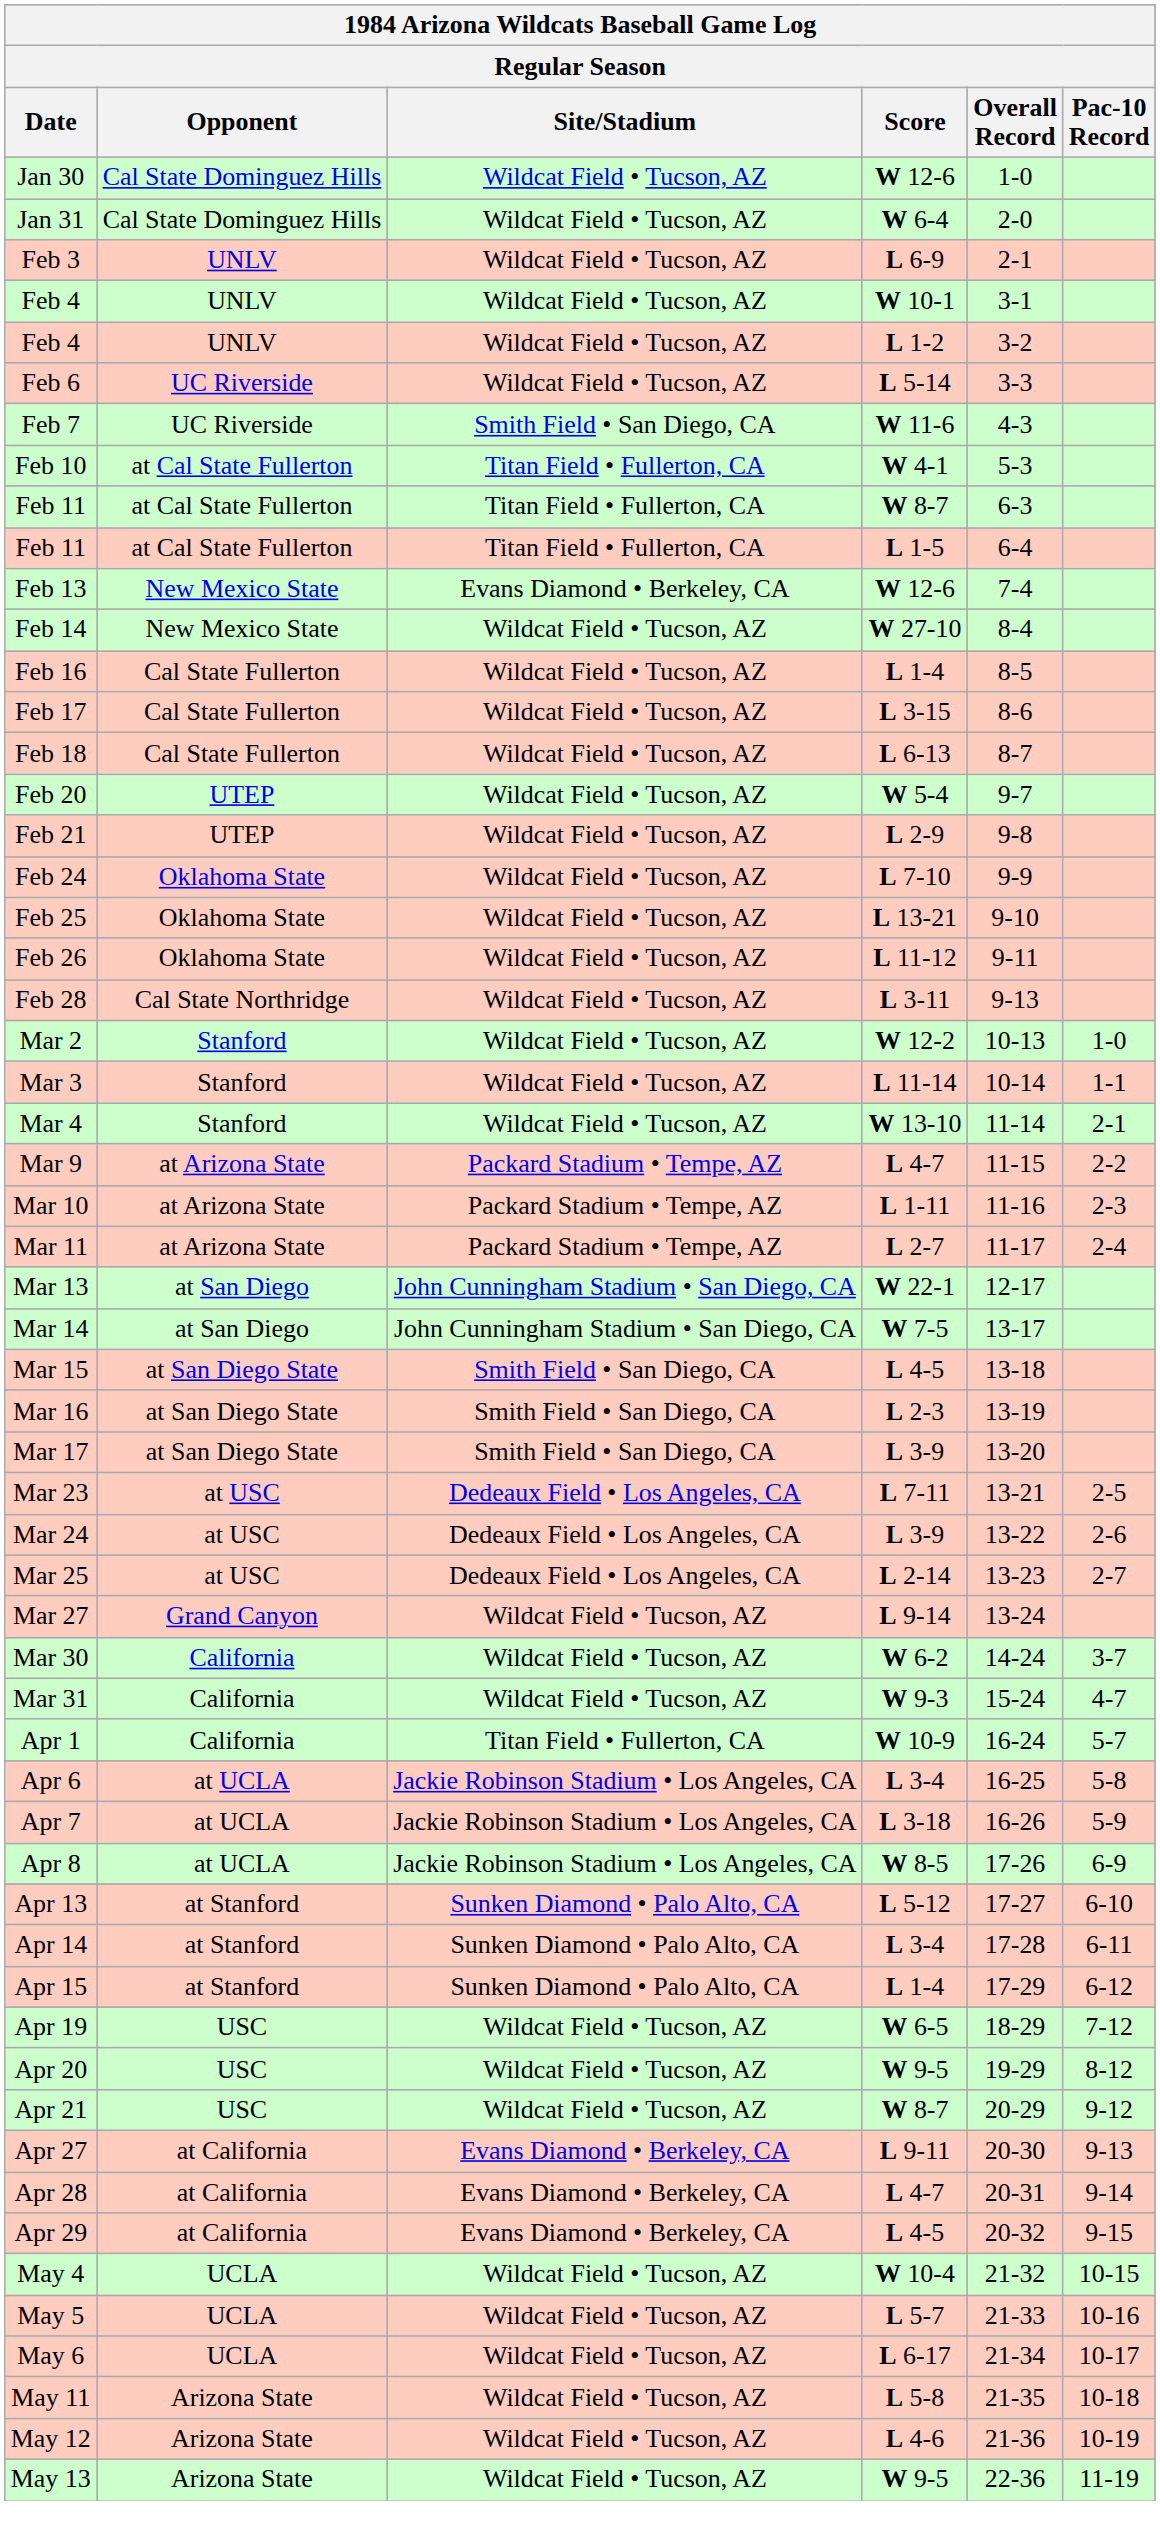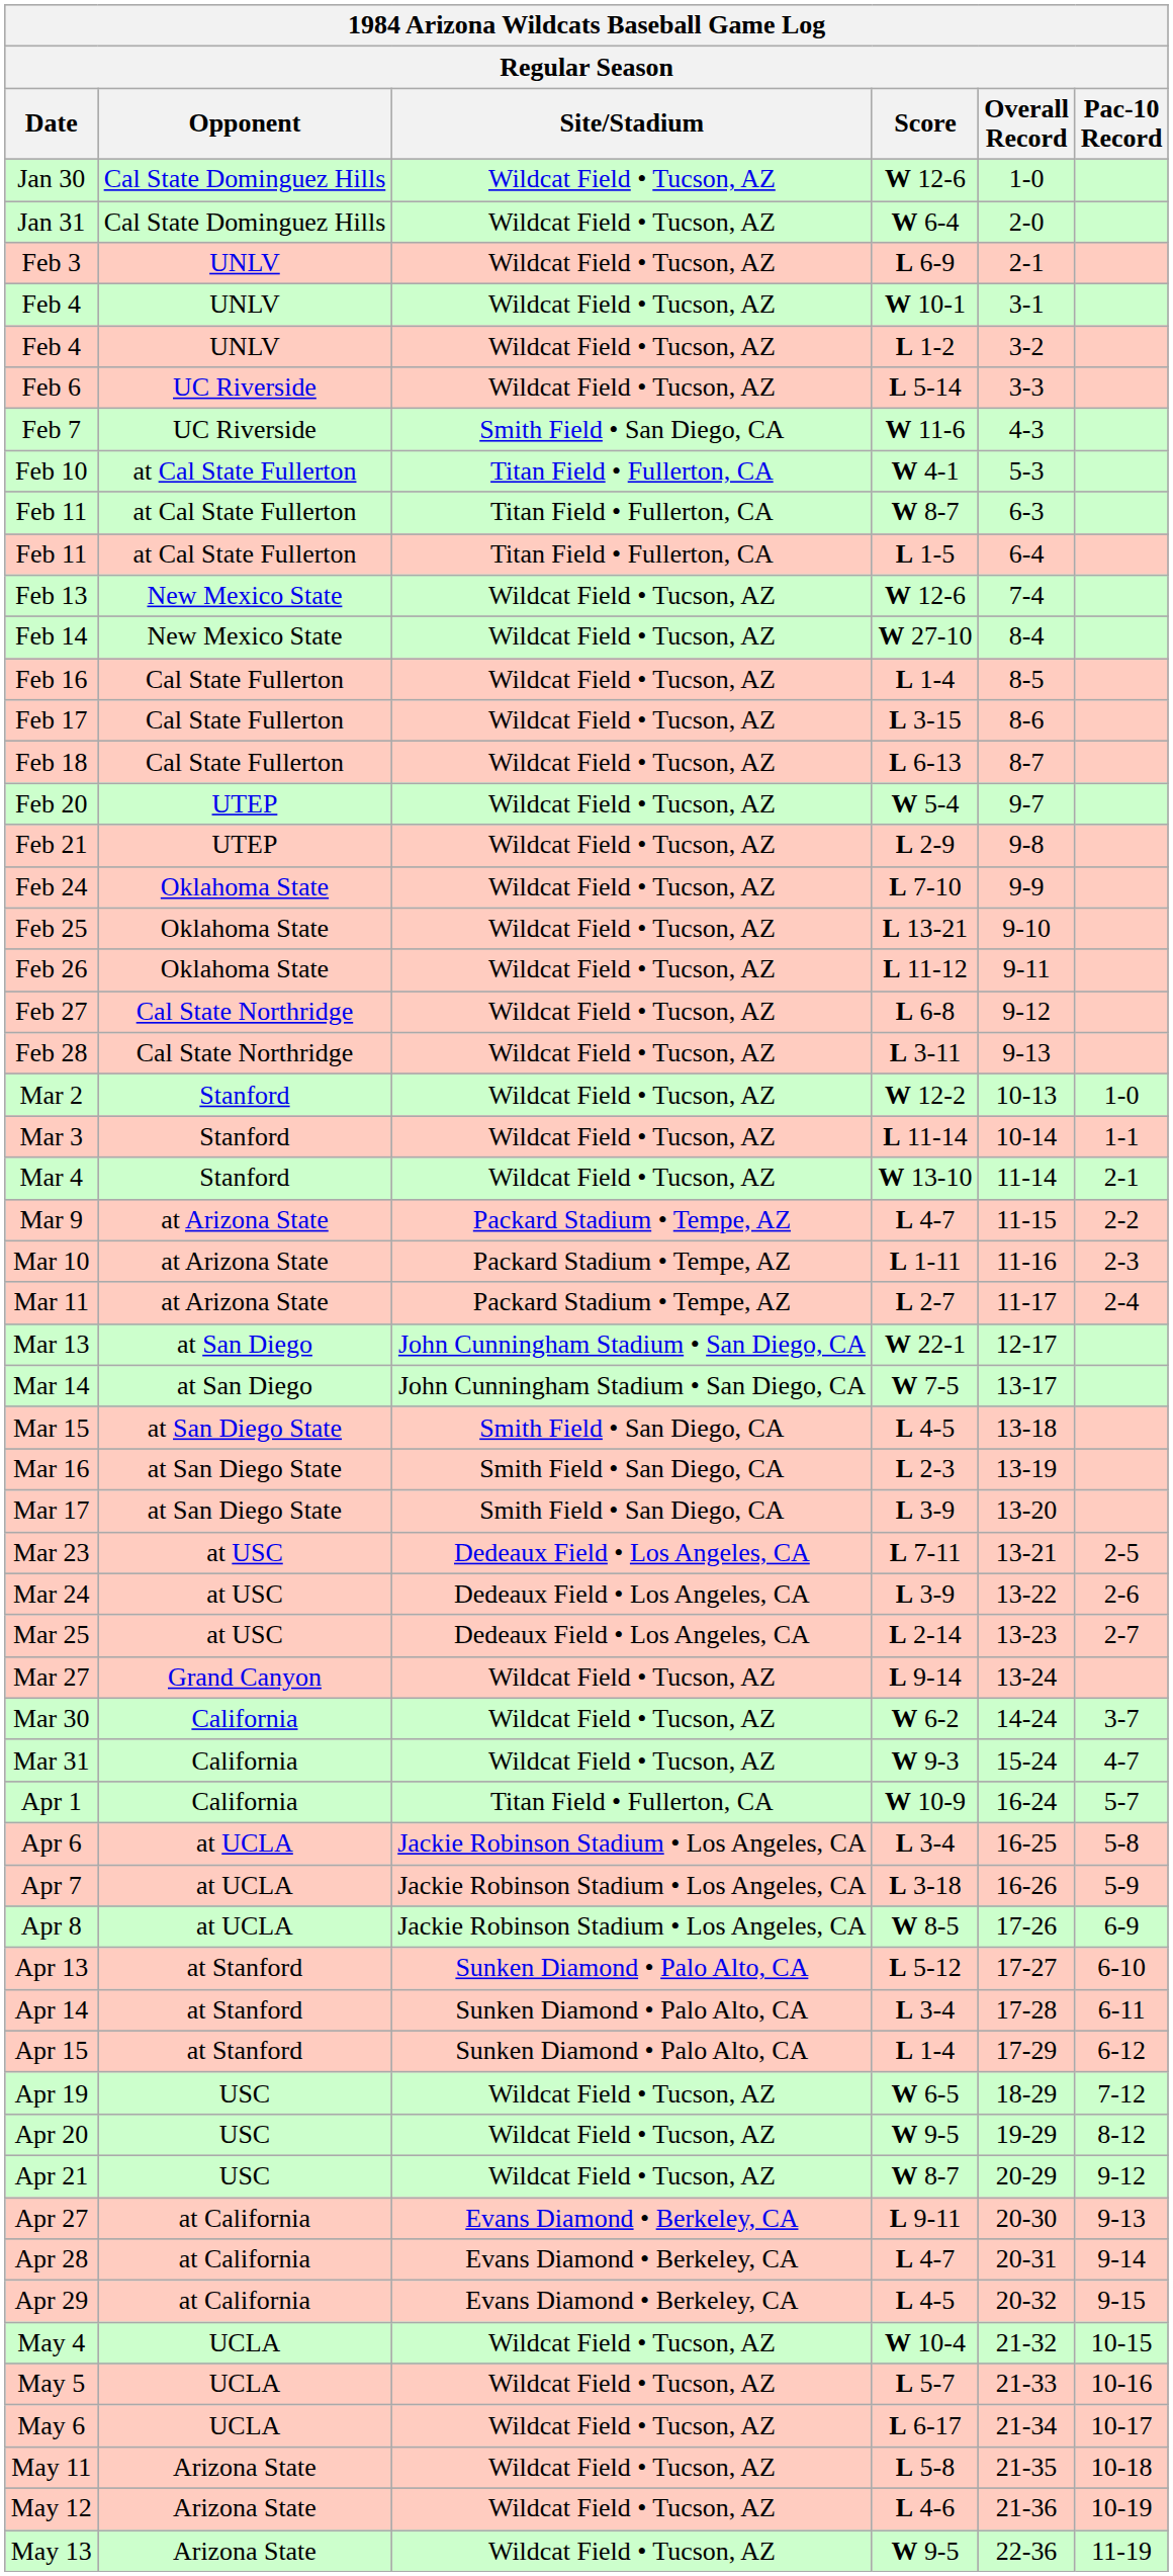 <table class="wikitable">
 <tr>
 <th colspan="6">1984 Arizona Wildcats Baseball Game Log</th>
 </tr>
 <tr>
 <th colspan="6">Regular Season</th>
 </tr>
 <tr>
 <th>Date</th>
 <th>Opponent</th>
 <th>Site/Stadium</th>
 <th>Score</th>
 <th>Overall<br>Record</th>
 <th>Pac-10<br>Record</th>
 </tr>
 <tr bgcolor="ccffcc" align="center">
 <td>Jan 30</td>
 <td><a href='#'>Cal State Dominguez Hills</a></td>
 <td><a href='#'>Wildcat Field</a> • <a href='#'>Tucson, AZ</a></td>
 <td><strong>W</strong> 12-6</td>
 <td>1-0</td>
 <td></td>
 </tr>
 <tr bgcolor="ccffcc" align="center">
 <td>Jan 31</td>
 <td>Cal State Dominguez Hills</td>
 <td>Wildcat Field • Tucson, AZ</td>
 <td><strong>W</strong> 6-4</td>
 <td>2-0</td>
 <td></td>
 </tr>
 <tr bgcolor="ffccc" align="center">
 <td>Feb 3</td>
 <td><a href='#'>UNLV</a></td>
 <td>Wildcat Field • Tucson, AZ</td>
 <td><strong>L</strong> 6-9</td>
 <td>2-1</td>
 <td></td>
 </tr>
 <tr bgcolor="ccffcc" align="center">
 <td>Feb 4</td>
 <td>UNLV</td>
 <td>Wildcat Field • Tucson, AZ</td>
 <td><strong>W</strong> 10-1</td>
 <td>3-1</td>
 <td></td>
 </tr>
 <tr bgcolor="ffccc" align="center">
 <td>Feb 4</td>
 <td>UNLV</td>
 <td>Wildcat Field • Tucson, AZ</td>
 <td><strong>L</strong> 1-2</td>
 <td>3-2</td>
 <td></td>
 </tr>
 <tr bgcolor="ffccc" align="center">
 <td>Feb 6</td>
 <td><a href='#'>UC Riverside</a></td>
 <td>Wildcat Field • Tucson, AZ</td>
 <td><strong>L</strong> 5-14</td>
 <td>3-3</td>
 <td></td>
 </tr>
 <tr bgcolor="ccffcc" align="center">
 <td>Feb 7</td>
 <td>UC Riverside</td>
 <td><a href='#'>Smith Field</a> • San Diego, CA</td>
 <td><strong>W</strong> 11-6</td>
 <td>4-3</td>
 <td></td>
 </tr>
 <tr bgcolor="ccffcc" align="center">
 <td>Feb 10</td>
 <td>at <a href='#'>Cal State Fullerton</a></td>
 <td><a href='#'>Titan Field</a> • <a href='#'>Fullerton, CA</a></td>
 <td><strong>W</strong> 4-1</td>
 <td>5-3</td>
 <td></td>
 </tr>
 <tr bgcolor="ccffcc" align="center">
 <td>Feb 11</td>
 <td>at Cal State Fullerton</td>
 <td>Titan Field • Fullerton, CA</td>
 <td><strong>W</strong> 8-7</td>
 <td>6-3</td>
 <td></td>
 </tr>
 <tr bgcolor="ffccc" align="center">
 <td>Feb 11</td>
 <td>at Cal State Fullerton</td>
 <td>Titan Field • Fullerton, CA</td>
 <td><strong>L</strong> 1-5</td>
 <td>6-4</td>
 <td></td>
 </tr>
 <tr bgcolor="ccffcc" align="center">
 <td>Feb 13</td>
 <td><a href='#'>New Mexico State</a></td>
-<td>Evans Diamond • Berkeley, CA</td>
+<td>Wildcat Field • Tucson, AZ</td>
 <td><strong>W</strong> 12-6</td>
 <td>7-4</td>
 <td></td>
 </tr>
 <tr bgcolor="ccffcc" align="center">
 <td>Feb 14</td>
 <td>New Mexico State</td>
 <td>Wildcat Field • Tucson, AZ</td>
 <td><strong>W</strong> 27-10</td>
 <td>8-4</td>
 <td></td>
 </tr>
 <tr bgcolor="ffccc" align="center">
 <td>Feb 16</td>
 <td>Cal State Fullerton</td>
 <td>Wildcat Field • Tucson, AZ</td>
 <td><strong>L</strong> 1-4</td>
 <td>8-5</td>
 <td></td>
 </tr>
 <tr bgcolor="ffccc" align="center">
 <td>Feb 17</td>
 <td>Cal State Fullerton</td>
 <td>Wildcat Field • Tucson, AZ</td>
 <td><strong>L</strong> 3-15</td>
 <td>8-6</td>
 <td></td>
 </tr>
 <tr bgcolor="ffccc" align="center">
 <td>Feb 18</td>
 <td>Cal State Fullerton</td>
 <td>Wildcat Field • Tucson, AZ</td>
 <td><strong>L</strong> 6-13</td>
 <td>8-7</td>
 <td></td>
 </tr>
 <tr bgcolor="ccffcc" align="center">
 <td>Feb 20</td>
 <td><a href='#'>UTEP</a></td>
 <td>Wildcat Field • Tucson, AZ</td>
 <td><strong>W</strong> 5-4</td>
 <td>9-7</td>
 <td></td>
 </tr>
 <tr bgcolor="ffccc" align="center">
 <td>Feb 21</td>
 <td>UTEP</td>
 <td>Wildcat Field • Tucson, AZ</td>
 <td><strong>L</strong> 2-9</td>
 <td>9-8</td>
 <td></td>
 </tr>
 <tr bgcolor="ffccc" align="center">
 <td>Feb 24</td>
 <td><a href='#'>Oklahoma State</a></td>
 <td>Wildcat Field • Tucson, AZ</td>
 <td><strong>L</strong> 7-10</td>
 <td>9-9</td>
 <td></td>
 </tr>
 <tr bgcolor="ffccc" align="center">
 <td>Feb 25</td>
 <td>Oklahoma State</td>
 <td>Wildcat Field • Tucson, AZ</td>
 <td><strong>L</strong> 13-21</td>
 <td>9-10</td>
 <td></td>
 </tr>
 <tr bgcolor="ffccc" align="center">
 <td>Feb 26</td>
 <td>Oklahoma State</td>
 <td>Wildcat Field • Tucson, AZ</td>
 <td><strong>L</strong> 11-12</td>
 <td>9-11</td>
+<td></td>
+</tr>
+<tr bgcolor="ffccc" align="center">
+<td>Feb 27</td>
+<td><a href='#'>Cal State Northridge</a></td>
+<td>Wildcat Field • Tucson, AZ</td>
+<td><strong>L</strong> 6-8</td>
+<td>9-12</td>
 <td></td>
 </tr>
 <tr bgcolor="ffccc" align="center">
 <td>Feb 28</td>
 <td>Cal State Northridge</td>
 <td>Wildcat Field • Tucson, AZ</td>
 <td><strong>L</strong> 3-11</td>
 <td>9-13</td>
 <td></td>
 </tr>
 <tr bgcolor="ccffcc" align="center">
 <td>Mar 2</td>
 <td><a href='#'>Stanford</a></td>
 <td>Wildcat Field • Tucson, AZ</td>
 <td><strong>W</strong> 12-2</td>
 <td>10-13</td>
 <td>1-0</td>
 </tr>
 <tr bgcolor="ffccc" align="center">
 <td>Mar 3</td>
 <td>Stanford</td>
 <td>Wildcat Field • Tucson, AZ</td>
 <td><strong>L</strong> 11-14</td>
 <td>10-14</td>
 <td>1-1</td>
 </tr>
 <tr bgcolor="ccffcc" align="center">
 <td>Mar 4</td>
 <td>Stanford</td>
 <td>Wildcat Field • Tucson, AZ</td>
 <td><strong>W</strong> 13-10</td>
 <td>11-14</td>
 <td>2-1</td>
 </tr>
 <tr bgcolor="ffccc" align="center">
 <td>Mar 9</td>
 <td>at <a href='#'>Arizona State</a></td>
 <td><a href='#'>Packard Stadium</a> • <a href='#'>Tempe, AZ</a></td>
 <td><strong>L</strong> 4-7</td>
 <td>11-15</td>
 <td>2-2</td>
 </tr>
 <tr bgcolor="ffccc" align="center">
 <td>Mar 10</td>
 <td>at Arizona State</td>
 <td>Packard Stadium • Tempe, AZ</td>
 <td><strong>L</strong> 1-11</td>
 <td>11-16</td>
 <td>2-3</td>
 </tr>
 <tr bgcolor="ffccc" align="center">
 <td>Mar 11</td>
 <td>at Arizona State</td>
 <td>Packard Stadium • Tempe, AZ</td>
 <td><strong>L</strong> 2-7</td>
 <td>11-17</td>
 <td>2-4</td>
 </tr>
 <tr bgcolor="ccffcc" align="center">
 <td>Mar 13</td>
 <td>at <a href='#'>San Diego</a></td>
 <td><a href='#'>John Cunningham Stadium</a> • <a href='#'>San Diego, CA</a></td>
 <td><strong>W</strong> 22-1</td>
 <td>12-17</td>
 <td></td>
 </tr>
 <tr bgcolor="ccffcc" align="center">
 <td>Mar 14</td>
 <td>at San Diego</td>
 <td>John Cunningham Stadium • San Diego, CA</td>
 <td><strong>W</strong> 7-5</td>
 <td>13-17</td>
 <td></td>
 </tr>
 <tr bgcolor="ffccc" align="center">
 <td>Mar 15</td>
 <td>at <a href='#'>San Diego State</a></td>
 <td><a href='#'>Smith Field</a> • San Diego, CA</td>
 <td><strong>L</strong> 4-5</td>
 <td>13-18</td>
 <td></td>
 </tr>
 <tr bgcolor="ffccc" align="center">
 <td>Mar 16</td>
 <td>at San Diego State</td>
 <td>Smith Field • San Diego, CA</td>
 <td><strong>L</strong> 2-3</td>
 <td>13-19</td>
 <td></td>
 </tr>
 <tr bgcolor="ffccc" align="center">
 <td>Mar 17</td>
 <td>at San Diego State</td>
 <td>Smith Field • San Diego, CA</td>
 <td><strong>L</strong> 3-9</td>
 <td>13-20</td>
 <td></td>
 </tr>
 <tr bgcolor="ffccc" align="center">
 <td>Mar 23</td>
 <td>at <a href='#'>USC</a></td>
 <td><a href='#'>Dedeaux Field</a> • <a href='#'>Los Angeles, CA</a></td>
 <td><strong>L</strong> 7-11</td>
 <td>13-21</td>
 <td>2-5</td>
 </tr>
 <tr bgcolor="ffccc" align="center">
 <td>Mar 24</td>
 <td>at USC</td>
 <td>Dedeaux Field • Los Angeles, CA</td>
 <td><strong>L</strong> 3-9</td>
 <td>13-22</td>
 <td>2-6</td>
 </tr>
 <tr bgcolor="ffccc" align="center">
 <td>Mar 25</td>
 <td>at USC</td>
 <td>Dedeaux Field • Los Angeles, CA</td>
 <td><strong>L</strong> 2-14</td>
 <td>13-23</td>
 <td>2-7</td>
 </tr>
 <tr bgcolor="ffccc" align="center">
 <td>Mar 27</td>
 <td><a href='#'>Grand Canyon</a></td>
 <td>Wildcat Field • Tucson, AZ</td>
 <td><strong>L</strong> 9-14</td>
 <td>13-24</td>
 <td></td>
 </tr>
 <tr bgcolor="ccffcc" align="center">
 <td>Mar 30</td>
 <td><a href='#'>California</a></td>
 <td>Wildcat Field • Tucson, AZ</td>
 <td><strong>W</strong> 6-2</td>
 <td>14-24</td>
 <td>3-7</td>
 </tr>
 <tr bgcolor="ccffcc" align="center">
 <td>Mar 31</td>
 <td>California</td>
 <td>Wildcat Field • Tucson, AZ</td>
 <td><strong>W</strong> 9-3</td>
 <td>15-24</td>
 <td>4-7</td>
 </tr>
 <tr bgcolor="ccffcc" align="center">
 <td>Apr 1</td>
 <td>California</td>
 <td>Titan Field • Fullerton, CA</td>
 <td><strong>W</strong> 10-9</td>
 <td>16-24</td>
 <td>5-7</td>
 </tr>
 <tr bgcolor="ffccc" align="center">
 <td>Apr 6</td>
 <td>at <a href='#'>UCLA</a></td>
 <td><a href='#'>Jackie Robinson Stadium</a> • Los Angeles, CA</td>
 <td><strong>L</strong> 3-4</td>
 <td>16-25</td>
 <td>5-8</td>
 </tr>
 <tr bgcolor="ffccc" align="center">
 <td>Apr 7</td>
 <td>at UCLA</td>
 <td>Jackie Robinson Stadium • Los Angeles, CA</td>
 <td><strong>L</strong> 3-18</td>
 <td>16-26</td>
 <td>5-9</td>
 </tr>
 <tr bgcolor="ccffcc" align="center">
 <td>Apr 8</td>
 <td>at UCLA</td>
 <td>Jackie Robinson Stadium • Los Angeles, CA</td>
 <td><strong>W</strong> 8-5</td>
 <td>17-26</td>
 <td>6-9</td>
 </tr>
 <tr bgcolor="ffccc" align="center">
 <td>Apr 13</td>
 <td>at Stanford</td>
 <td><a href='#'>Sunken Diamond</a> • <a href='#'>Palo Alto, CA</a></td>
 <td><strong>L</strong> 5-12</td>
 <td>17-27</td>
 <td>6-10</td>
 </tr>
 <tr bgcolor="ffccc" align="center">
 <td>Apr 14</td>
 <td>at Stanford</td>
 <td>Sunken Diamond • Palo Alto, CA</td>
 <td><strong>L</strong> 3-4</td>
 <td>17-28</td>
 <td>6-11</td>
 </tr>
 <tr bgcolor="ffccc" align="center">
 <td>Apr 15</td>
 <td>at Stanford</td>
 <td>Sunken Diamond • Palo Alto, CA</td>
 <td><strong>L</strong> 1-4</td>
 <td>17-29</td>
 <td>6-12</td>
 </tr>
 <tr bgcolor="ccffcc" align="center">
 <td>Apr 19</td>
 <td>USC</td>
 <td>Wildcat Field • Tucson, AZ</td>
 <td><strong>W</strong> 6-5</td>
 <td>18-29</td>
 <td>7-12</td>
 </tr>
 <tr bgcolor="ccffcc" align="center">
 <td>Apr 20</td>
 <td>USC</td>
 <td>Wildcat Field • Tucson, AZ</td>
 <td><strong>W</strong> 9-5</td>
 <td>19-29</td>
 <td>8-12</td>
 </tr>
 <tr bgcolor="ccffcc" align="center">
 <td>Apr 21</td>
 <td>USC</td>
 <td>Wildcat Field • Tucson, AZ</td>
 <td><strong>W</strong> 8-7</td>
 <td>20-29</td>
 <td>9-12</td>
 </tr>
 <tr bgcolor="ffccc" align="center">
 <td>Apr 27</td>
 <td>at California</td>
 <td><a href='#'>Evans Diamond</a> • <a href='#'>Berkeley, CA</a></td>
 <td><strong>L</strong> 9-11</td>
 <td>20-30</td>
 <td>9-13</td>
 </tr>
 <tr bgcolor="ffccc" align="center">
 <td>Apr 28</td>
 <td>at California</td>
 <td>Evans Diamond • Berkeley, CA</td>
 <td><strong>L</strong> 4-7</td>
 <td>20-31</td>
 <td>9-14</td>
 </tr>
 <tr bgcolor="ffccc" align="center">
 <td>Apr 29</td>
 <td>at California</td>
 <td>Evans Diamond • Berkeley, CA</td>
 <td><strong>L</strong> 4-5</td>
 <td>20-32</td>
 <td>9-15</td>
 </tr>
 <tr bgcolor="ccffcc" align="center">
 <td>May 4</td>
 <td>UCLA</td>
 <td>Wildcat Field • Tucson, AZ</td>
 <td><strong>W</strong> 10-4</td>
 <td>21-32</td>
 <td>10-15</td>
 </tr>
 <tr bgcolor="ffccc" align="center">
 <td>May 5</td>
 <td>UCLA</td>
 <td>Wildcat Field • Tucson, AZ</td>
 <td><strong>L</strong> 5-7</td>
 <td>21-33</td>
 <td>10-16</td>
 </tr>
 <tr bgcolor="ffccc" align="center">
 <td>May 6</td>
 <td>UCLA</td>
 <td>Wildcat Field • Tucson, AZ</td>
 <td><strong>L</strong> 6-17</td>
 <td>21-34</td>
 <td>10-17</td>
 </tr>
 <tr bgcolor="ffccc" align="center">
 <td>May 11</td>
 <td>Arizona State</td>
 <td>Wildcat Field • Tucson, AZ</td>
 <td><strong>L</strong> 5-8</td>
 <td>21-35</td>
 <td>10-18</td>
 </tr>
 <tr bgcolor="ffccc" align="center">
 <td>May 12</td>
 <td>Arizona State</td>
 <td>Wildcat Field • Tucson, AZ</td>
 <td><strong>L</strong> 4-6</td>
 <td>21-36</td>
 <td>10-19</td>
 </tr>
 <tr bgcolor="ccffcc" align="center">
 <td>May 13</td>
 <td>Arizona State</td>
 <td>Wildcat Field • Tucson, AZ</td>
 <td><strong>W</strong> 9-5</td>
 <td>22-36</td>
 <td>11-19</td>
 </tr>
 </table>
